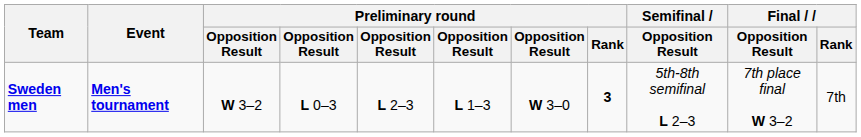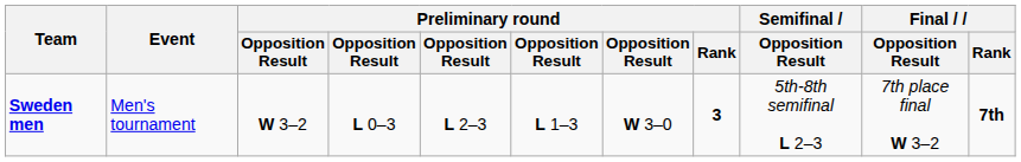 <table class=wikitable style=font-size:90%;text-align:center>
 <tr>
 <th rowspan=2>Team</th>
 <th rowspan=2>Event</th>
 <th colspan=6>Preliminary round</th>
 <th>Semifinal / </th>
 <th colspan=2>Final /  / </th>
 </tr>
 <tr style=font-size:95%>
 <th>Opposition<br>Result</th>
 <th>Opposition<br>Result</th>
 <th>Opposition<br>Result</th>
 <th>Opposition<br>Result</th>
 <th>Opposition<br>Result</th>
 <th>Rank</th>
 <th>Opposition<br>Result</th>
 <th>Opposition<br>Result</th>
 <th>Rank</th>
 </tr>
 <tr>
 <td align=left><strong><a href='#'>Sweden men</a></strong></td>
-<td align=left><strong><a href='#'>Men's tournament</a></strong></td>
+<td align=left><a href='#'>Men's tournament</a></td>
 <td><br><strong>W</strong> 3–2</td>
 <td><br><strong>L</strong> 0–3</td>
 <td><br><strong>L</strong> 2–3</td>
 <td><br><strong>L</strong> 1–3</td>
 <td><br><strong>W</strong> 3–0</td>
 <td><strong>3</strong></td>
 <td><em>5th-8th semifinal</em><br><br><strong>L</strong> 2–3</td>
 <td><em>7th place final</em><br><br><strong>W</strong> 3–2</td>
-<td>7th</td>
+<td><strong>7th</strong></td>
 </tr>
 </table>
